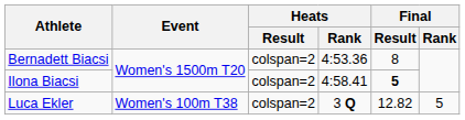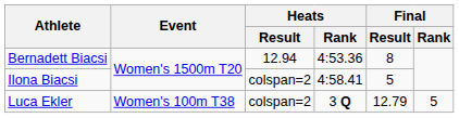 <table class=wikitable style="font-size:90%">
 <tr>
 <th rowspan="2">Athlete</th>
 <th rowspan="2">Event</th>
 <th colspan="2">Heats</th>
 <th colspan="2">Final</th>
 </tr>
 <tr>
 <th>Result</th>
 <th>Rank</th>
 <th>Result</th>
 <th>Rank</th>
 </tr>
 <tr align=center>
 <td align=left><a href='#'>Bernadett Biacsi</a></td>
 <td align=left rowspan=2><a href='#'>Women's 1500m T20</a></td>
-<td>colspan=2 </td>
+<td>12.94</td>
 <td>4:53.36</td>
 <td>8</td>
 </tr>
 <tr align=center>
 <td align=left><a href='#'>Ilona Biacsi</a></td>
 <td>colspan=2 </td>
 <td>4:58.41</td>
-<td><strong>5</strong></td>
+<td>5</td>
 </tr>
 <tr align=center>
 <td align=left><a href='#'>Luca Ekler</a></td>
 <td align=left><a href='#'>Women's 100m T38</a></td>
 <td>colspan=2 </td>
 <td>3 <strong>Q</strong></td>
-<td>12.82</td>
+<td>12.79</td>
 <td>5</td>
 </tr>
 </table>
